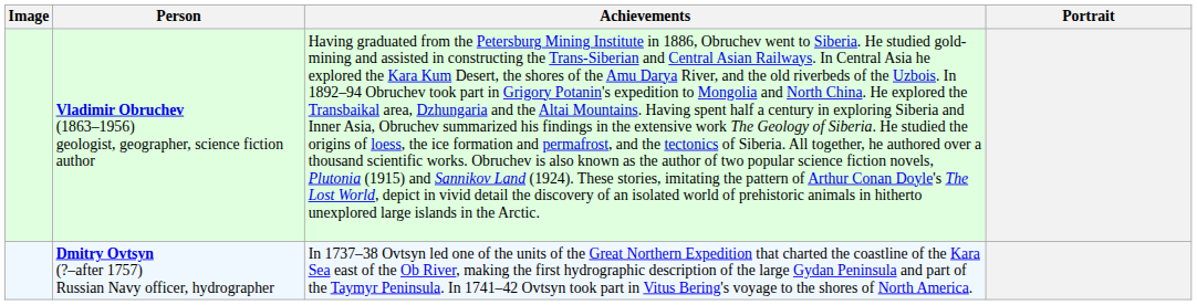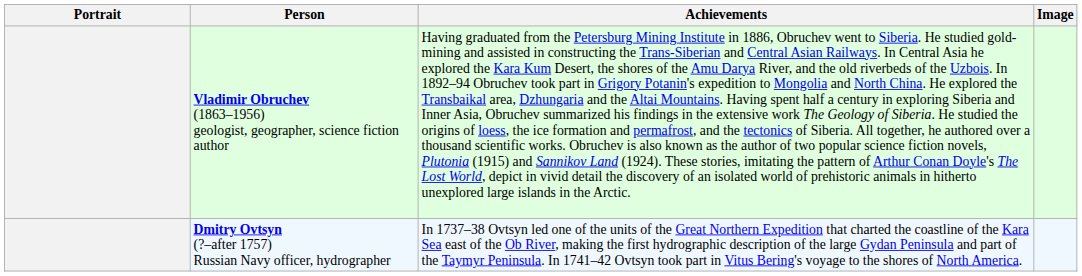 <table class="wikitable">
 <tr style="background:#ccc;">
-<th scope="col">Image</th>
+<th scope="col" width=18%>Portrait</th>
 <th scope="col" width=22%>Person</th>
 <th scope="col" width=60%>Achievements</th>
-<th scope="col" width=18%>Portrait</th>
+<th scope="col">Image</th>
 </tr>
 <tr style="background:#dfffdf;">
-<td align=center></td>
+<th scope="row" align=center></th>
 <td><strong><a href='#'>Vladimir Obruchev</a></strong><br>(1863–1956)<br>geologist, geographer, science fiction author</td>
 <td>Having graduated from the <a href='#'>Petersburg Mining Institute</a> in 1886, Obruchev went to <a href='#'>Siberia</a>. He studied gold-mining and assisted in constructing the <a href='#'>Trans-Siberian</a> and <a href='#'>Central Asian Railways</a>. In Central Asia he explored the <a href='#'>Kara Kum</a> Desert, the shores of the <a href='#'>Amu Darya</a> River, and the old riverbeds of the <a href='#'>Uzbois</a>. In 1892–94 Obruchev took part in <a href='#'>Grigory Potanin</a>'s expedition to <a href='#'>Mongolia</a> and <a href='#'>North China</a>. He explored the <a href='#'>Transbaikal</a> area, <a href='#'>Dzhungaria</a> and the <a href='#'>Altai Mountains</a>. Having spent half a century in exploring Siberia and Inner Asia, Obruchev summarized his findings in the extensive work <em>The Geology of Siberia</em>. He studied the origins of <a href='#'>loess</a>, the ice formation and <a href='#'>permafrost</a>, and the <a href='#'>tectonics</a> of Siberia. All together, he authored over a thousand scientific works. Obruchev is also known as the author of two popular science fiction novels, <em><a href='#'>Plutonia</a></em> (1915) and <em><a href='#'>Sannikov Land</a></em> (1924). These stories, imitating the pattern of <a href='#'>Arthur Conan Doyle</a>'s <em><a href='#'>The Lost World</a></em>, depict in vivid detail the discovery of an isolated world of prehistoric animals in hitherto unexplored large islands in the Arctic.<br><br></td>
-<th scope="row" align=center></th>
+<td align=center></td>
 </tr>
 <tr style="background:#f0f8ff;">
-<td align=center></td>
+<th scope="row" align=center></th>
 <td><strong><a href='#'>Dmitry Ovtsyn</a></strong><br>(?–after 1757)<br>Russian Navy officer, hydrographer</td>
 <td>In 1737–38 Ovtsyn led one of the units of the <a href='#'>Great Northern Expedition</a> that charted the coastline of the <a href='#'>Kara Sea</a> east of the <a href='#'>Ob River</a>, making the first hydrographic description of the large <a href='#'>Gydan Peninsula</a> and part of the <a href='#'>Taymyr Peninsula</a>. In 1741–42 Ovtsyn took part in <a href='#'>Vitus Bering</a>'s voyage to the shores of <a href='#'>North America</a>.</td>
-<th scope="row" align=center></th>
+<td align=center></td>
 </tr>
 </table>
